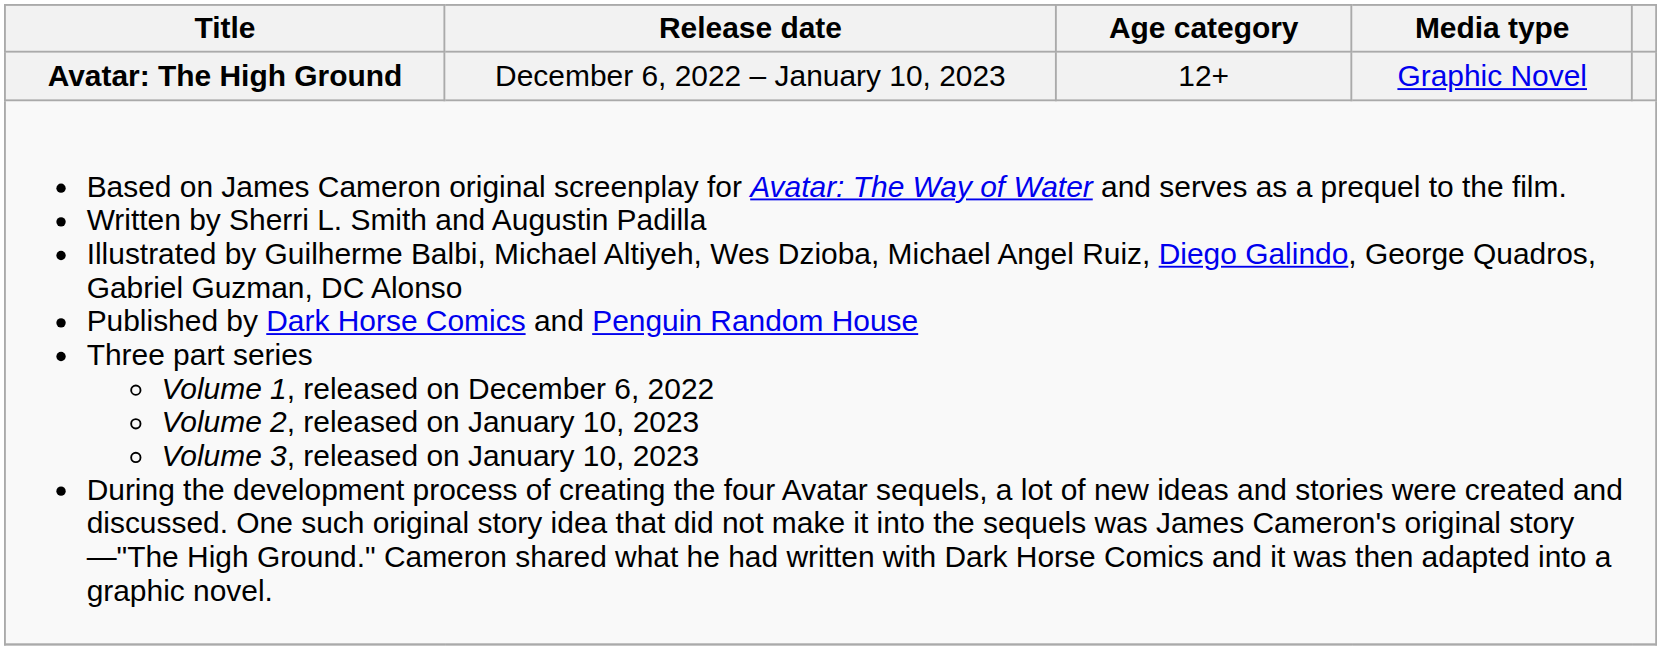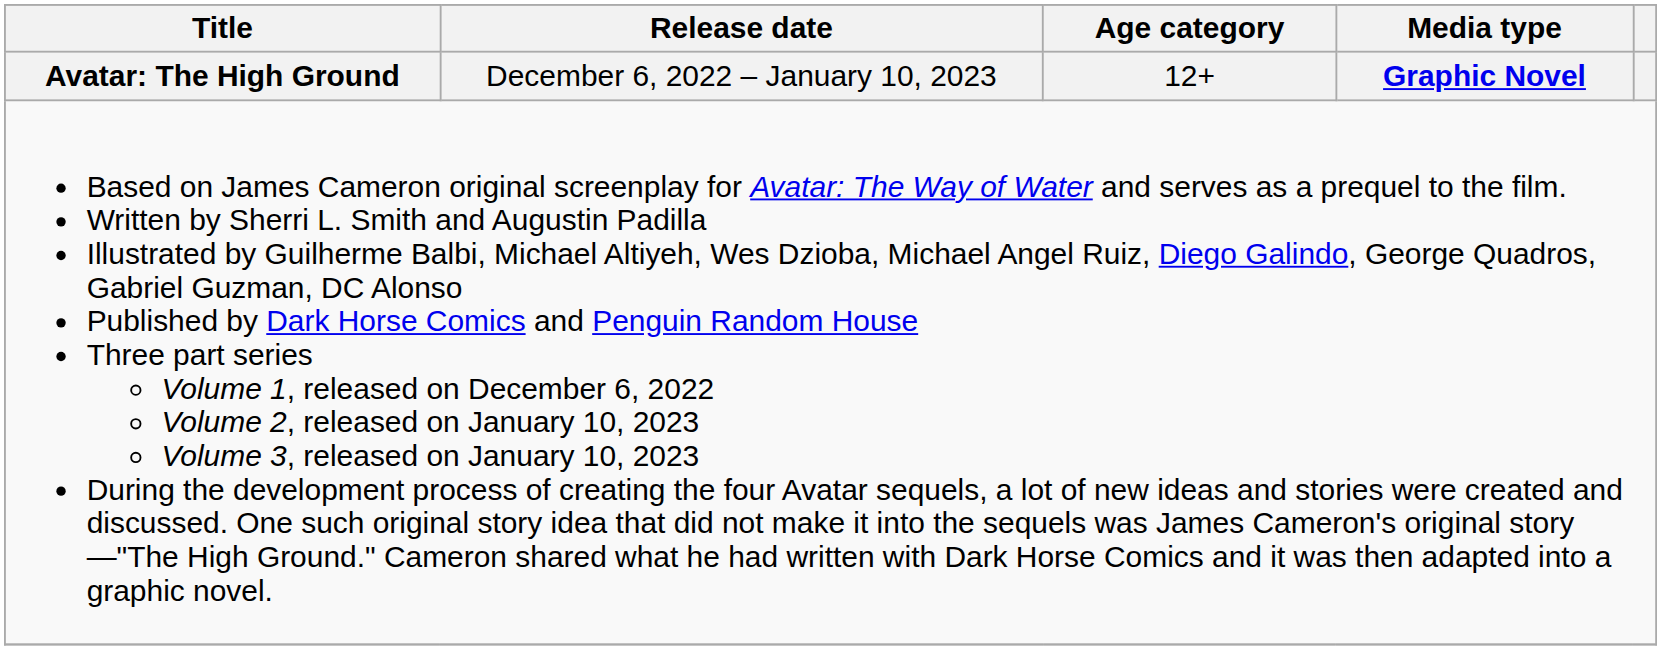 <table class="wikitable" width="100%">
 <tr style="text-align: center;">
 <th scope="col">Title</th>
 <th scope="col">Release date</th>
 <th scope="col">Age category</th>
 <th scope="col">Media type</th>
 <th scope="col"></th>
 </tr>
 <tr bgcolor="#F2F2F2" align="center">
 <th scope="row" style="font-weight:normal;"><strong>Avatar: The High Ground</strong></th>
 <td>December 6, 2022 – January 10, 2023</td>
 <td>12+</td>
-<td><a href='#'>Graphic Novel</a></td>
+<td><strong><a href='#'>Graphic Novel</a></strong></td>
 <td></td>
 </tr>
 <tr>
 <td colspan="5"><br><ul><li>Based on James Cameron original screenplay for <em><a href='#'>Avatar: The Way of Water</a></em> and serves as a prequel to the film.</li><li>Written by Sherri L. Smith and Augustin Padilla</li><li>Illustrated by Guilherme Balbi, Michael Altiyeh, Wes Dzioba, Michael Angel Ruiz, <a href='#'>Diego Galindo</a>, George Quadros, Gabriel Guzman, DC Alonso</li><li>Published by <a href='#'>Dark Horse Comics</a> and <a href='#'>Penguin Random House</a></li><li>Three part series<ul><li><em>Volume 1</em>, released on December 6, 2022</li><li><em>Volume 2</em>, released on January 10, 2023</li><li><em>Volume 3</em>, released on January 10, 2023</li></ul></li><li>During the development process of creating the four Avatar sequels, a lot of new ideas and stories were created and discussed. One such original story idea that did not make it into the sequels was James Cameron's original story—"The High Ground." Cameron shared what he had written with Dark Horse Comics and it was then adapted into a graphic novel.</li></ul></td>
 </tr>
 <tr>
 </tr>
 </table>
